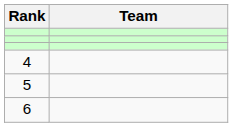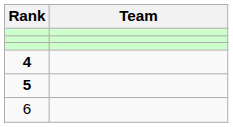 <table class=wikitable style="text-align:center;">
 <tr>
 <th width=40>Rank</th>
 <th width=180>Team</th>
 </tr>
 <tr bgcolor=#ccffcc>
 <td></td>
 <td align=left></td>
 </tr>
 <tr bgcolor=#ccffcc>
 <td></td>
 <td align=left></td>
 </tr>
 <tr bgcolor=#ccffcc>
 <td></td>
 <td align=left></td>
 </tr>
 <tr>
-<td>4</td>
+<td><strong>4</strong></td>
 <td align=left></td>
 </tr>
 <tr>
-<td>5</td>
+<td><strong>5</strong></td>
 <td align=left></td>
 </tr>
 <tr>
 <td>6</td>
 <td align=left></td>
 </tr>
 </table>
